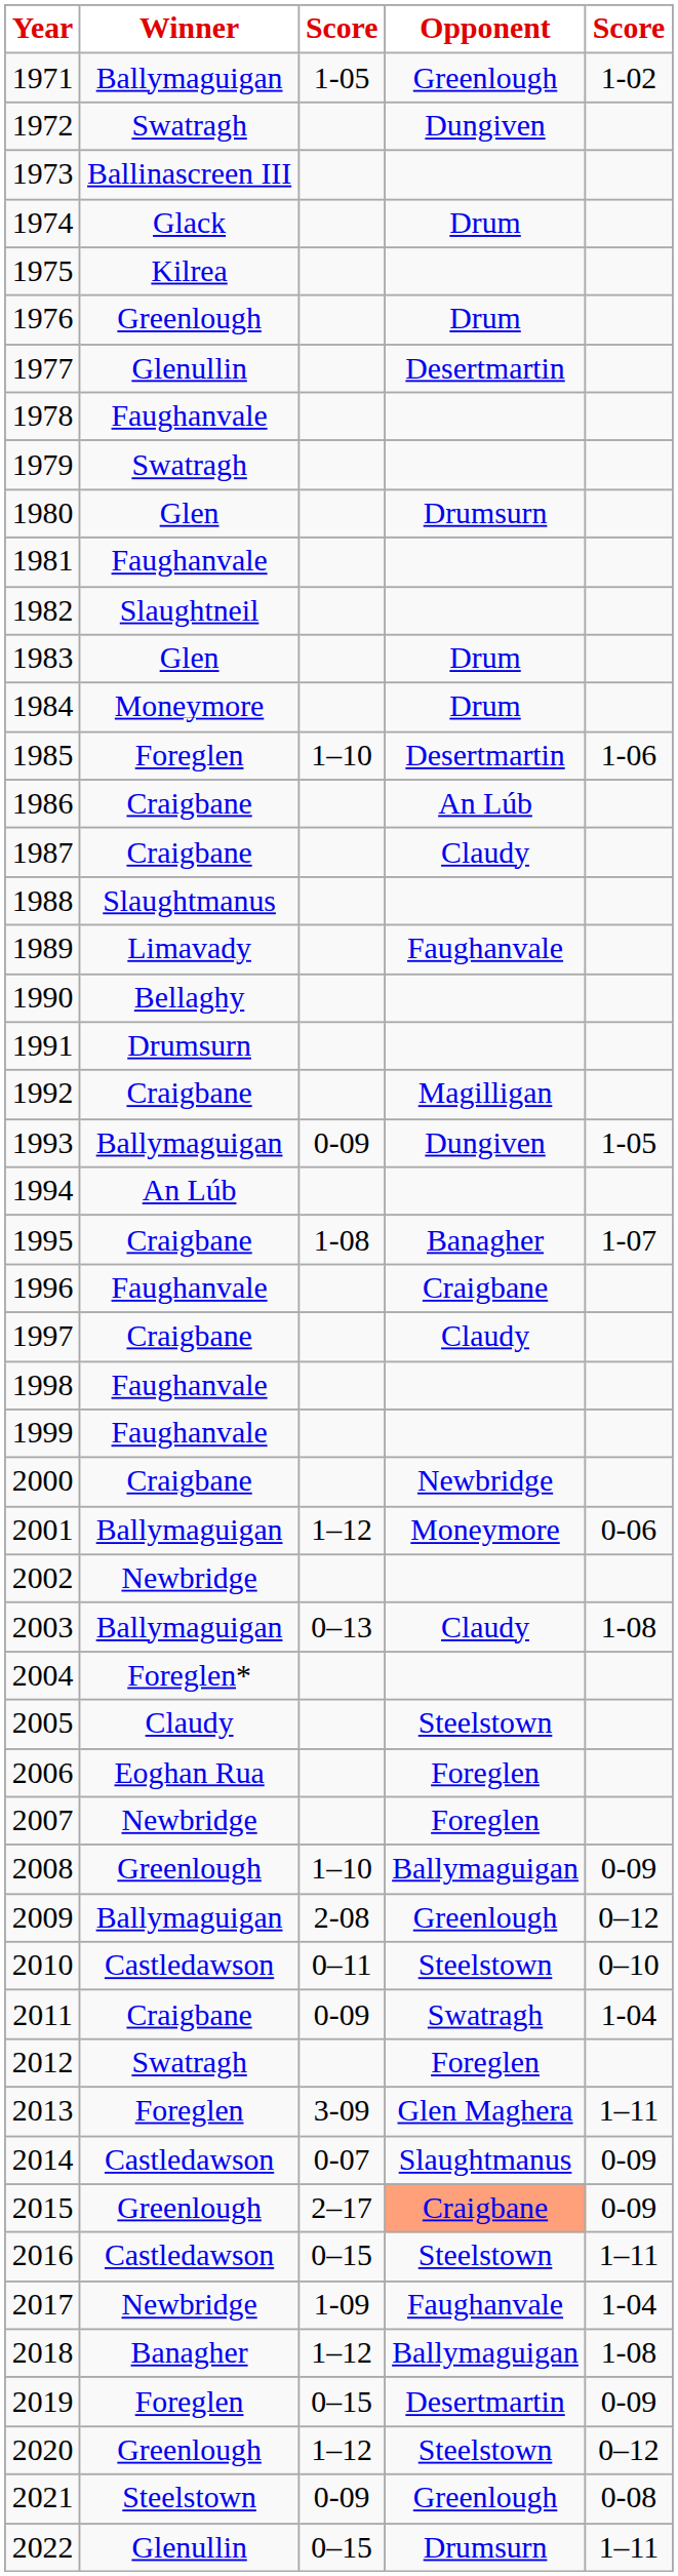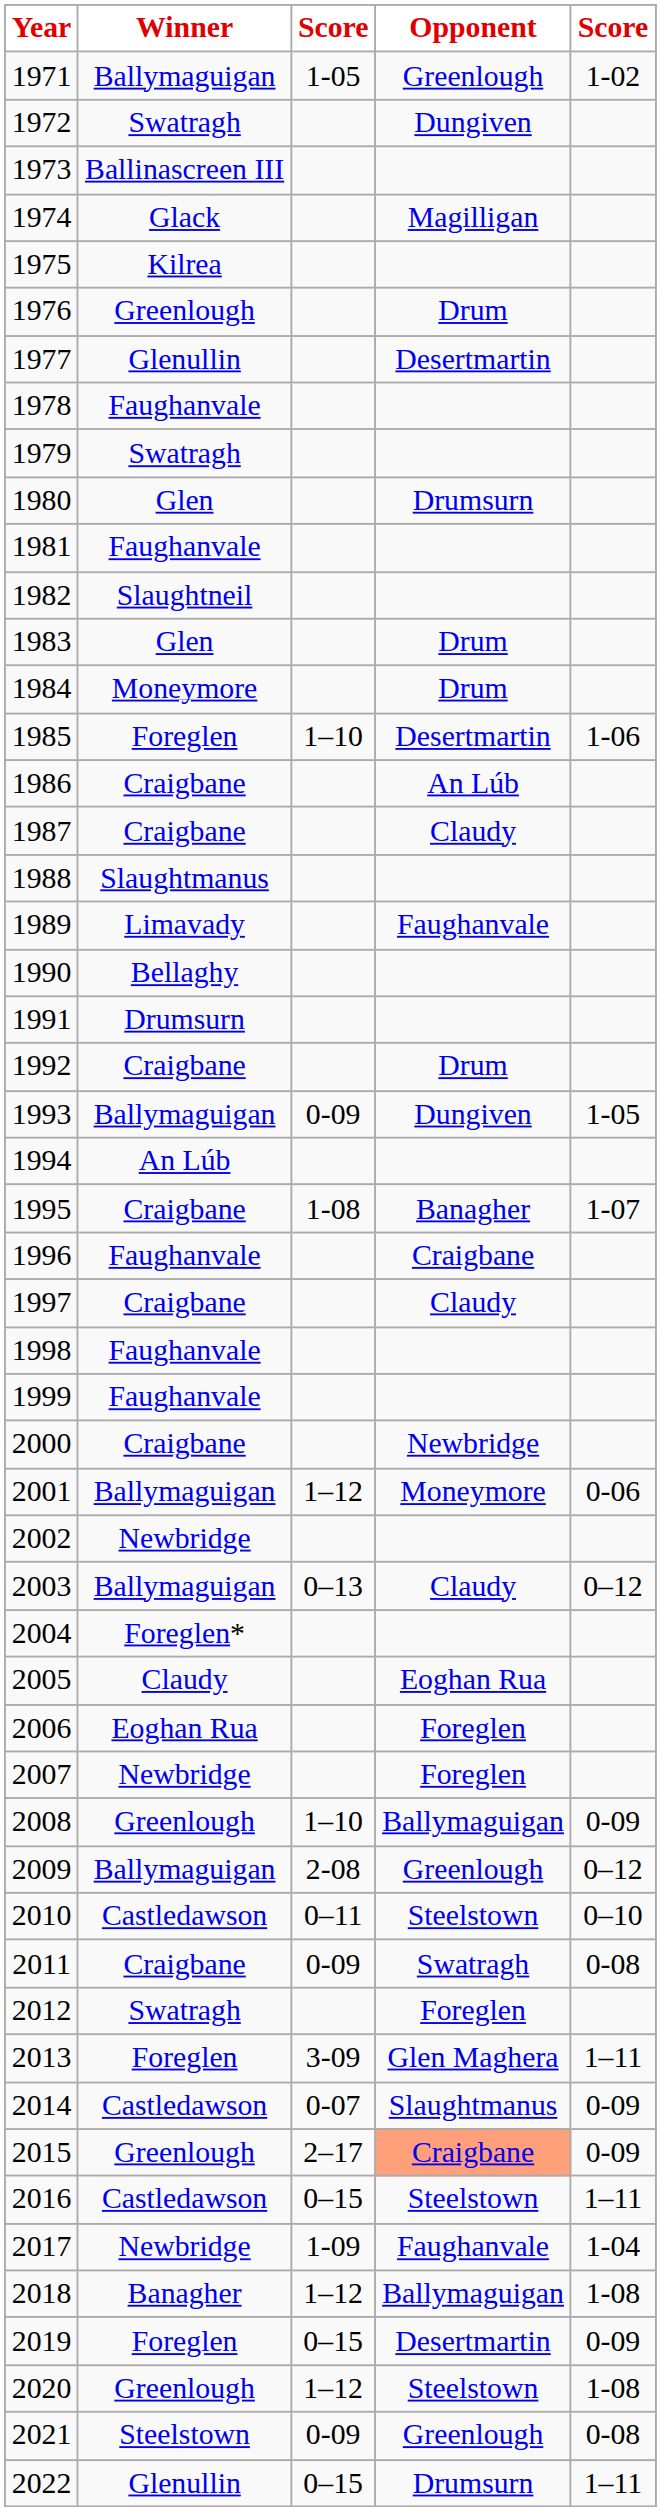 <table class="wikitable" style="text-align:center;">
 <tr>
 <th style="background:white;color:#E00000;">Year</th>
 <th style="background:white;color:#E00000;">Winner</th>
 <th style="background:white;color:#E00000;">Score</th>
 <th style="background:white;color:#E00000;">Opponent</th>
 <th style="background:white;color:#E00000;">Score</th>
 </tr>
 <tr>
 <td>1971</td>
 <td><a href='#'>Ballymaguigan</a></td>
 <td>1-05</td>
 <td><a href='#'>Greenlough</a></td>
 <td>1-02</td>
 </tr>
 <tr>
 <td>1972</td>
 <td><a href='#'>Swatragh</a></td>
 <td></td>
 <td><a href='#'>Dungiven</a></td>
 <td></td>
 </tr>
 <tr>
 <td>1973</td>
 <td><a href='#'>Ballinascreen III</a></td>
 <td></td>
 <td></td>
 <td></td>
 </tr>
 <tr>
 <td>1974</td>
 <td><a href='#'>Glack</a></td>
 <td></td>
-<td><a href='#'>Drum</a></td>
+<td><a href='#'>Magilligan</a></td>
 <td></td>
 </tr>
 <tr>
 <td>1975</td>
 <td><a href='#'>Kilrea</a></td>
 <td></td>
 <td></td>
 <td></td>
 </tr>
 <tr>
 <td>1976</td>
 <td><a href='#'>Greenlough</a></td>
 <td></td>
 <td><a href='#'>Drum</a></td>
 <td></td>
 </tr>
 <tr>
 <td>1977</td>
 <td><a href='#'>Glenullin</a></td>
 <td></td>
 <td><a href='#'>Desertmartin</a></td>
 <td></td>
 </tr>
 <tr>
 <td>1978</td>
 <td><a href='#'>Faughanvale</a></td>
 <td></td>
 <td></td>
 <td></td>
 </tr>
 <tr>
 <td>1979</td>
 <td><a href='#'>Swatragh</a></td>
 <td></td>
 <td></td>
 <td></td>
 </tr>
 <tr>
 <td>1980</td>
 <td><a href='#'>Glen</a></td>
 <td></td>
 <td><a href='#'>Drumsurn</a></td>
 <td></td>
 </tr>
 <tr>
 <td>1981</td>
 <td><a href='#'>Faughanvale</a></td>
 <td></td>
 <td></td>
 <td></td>
 </tr>
 <tr>
 <td>1982</td>
 <td><a href='#'>Slaughtneil</a></td>
 <td></td>
 <td></td>
 <td></td>
 </tr>
 <tr>
 <td>1983</td>
 <td><a href='#'>Glen</a></td>
 <td></td>
 <td><a href='#'>Drum</a></td>
 <td></td>
 </tr>
 <tr>
 <td>1984</td>
 <td><a href='#'>Moneymore</a></td>
 <td></td>
 <td><a href='#'>Drum</a></td>
 <td></td>
 </tr>
 <tr>
 <td>1985</td>
 <td><a href='#'>Foreglen</a></td>
 <td>1–10</td>
 <td><a href='#'>Desertmartin</a></td>
 <td>1-06</td>
 </tr>
 <tr>
 <td>1986</td>
 <td><a href='#'>Craigbane</a></td>
 <td></td>
 <td><a href='#'>An Lúb</a></td>
 <td></td>
 </tr>
 <tr>
 <td>1987</td>
 <td><a href='#'>Craigbane</a></td>
 <td></td>
 <td><a href='#'>Claudy</a></td>
 <td></td>
 </tr>
 <tr>
 <td>1988</td>
 <td><a href='#'>Slaughtmanus</a></td>
 <td></td>
 <td></td>
 <td></td>
 </tr>
 <tr>
 <td>1989</td>
 <td><a href='#'>Limavady</a></td>
 <td></td>
 <td><a href='#'>Faughanvale</a></td>
 <td></td>
 </tr>
 <tr>
 <td>1990</td>
 <td><a href='#'>Bellaghy</a></td>
 <td></td>
 <td></td>
 <td></td>
 </tr>
 <tr>
 <td>1991</td>
 <td><a href='#'>Drumsurn</a></td>
 <td></td>
 <td></td>
 <td></td>
 </tr>
 <tr>
 <td>1992</td>
 <td><a href='#'>Craigbane</a></td>
 <td></td>
-<td><a href='#'>Magilligan</a></td>
+<td><a href='#'>Drum</a></td>
 <td></td>
 </tr>
 <tr>
 <td>1993</td>
 <td><a href='#'>Ballymaguigan</a></td>
 <td>0-09</td>
 <td><a href='#'>Dungiven</a></td>
 <td>1-05</td>
 </tr>
 <tr>
 <td>1994</td>
 <td><a href='#'>An Lúb</a></td>
 <td></td>
 <td></td>
 <td></td>
 </tr>
 <tr>
 <td>1995</td>
 <td><a href='#'>Craigbane</a></td>
 <td>1-08</td>
 <td><a href='#'>Banagher</a></td>
 <td>1-07</td>
 </tr>
 <tr>
 <td>1996</td>
 <td><a href='#'>Faughanvale</a></td>
 <td></td>
 <td><a href='#'>Craigbane</a></td>
 <td></td>
 </tr>
 <tr>
 <td>1997</td>
 <td><a href='#'>Craigbane</a></td>
 <td></td>
 <td><a href='#'>Claudy</a></td>
 <td></td>
 </tr>
 <tr>
 <td>1998</td>
 <td><a href='#'>Faughanvale</a></td>
 <td></td>
 <td></td>
 <td></td>
 </tr>
 <tr>
 <td>1999</td>
 <td><a href='#'>Faughanvale</a></td>
 <td></td>
 <td></td>
 <td></td>
 </tr>
 <tr>
 <td>2000</td>
 <td><a href='#'>Craigbane</a></td>
 <td></td>
 <td><a href='#'>Newbridge</a></td>
 <td></td>
 </tr>
 <tr>
 <td>2001</td>
 <td><a href='#'>Ballymaguigan</a></td>
 <td>1–12</td>
 <td><a href='#'>Moneymore</a></td>
 <td>0-06</td>
 </tr>
 <tr>
 <td>2002</td>
 <td><a href='#'>Newbridge</a></td>
 <td></td>
 <td></td>
 <td></td>
 </tr>
 <tr>
 <td>2003</td>
 <td><a href='#'>Ballymaguigan</a></td>
 <td>0–13</td>
 <td><a href='#'>Claudy</a></td>
-<td>1-08</td>
+<td>0–12</td>
 </tr>
 <tr>
 <td>2004</td>
 <td><a href='#'>Foreglen</a>*</td>
 <td></td>
 <td></td>
 <td></td>
 </tr>
 <tr>
 <td>2005</td>
 <td><a href='#'>Claudy</a></td>
 <td></td>
-<td><a href='#'>Steelstown</a></td>
+<td><a href='#'>Eoghan Rua</a></td>
 <td></td>
 </tr>
 <tr>
 <td>2006</td>
 <td><a href='#'>Eoghan Rua</a></td>
 <td></td>
 <td><a href='#'>Foreglen</a></td>
 <td></td>
 </tr>
 <tr>
 <td>2007</td>
 <td><a href='#'>Newbridge</a></td>
 <td></td>
 <td><a href='#'>Foreglen</a></td>
 <td></td>
 </tr>
 <tr>
 <td>2008</td>
 <td><a href='#'>Greenlough</a></td>
 <td>1–10</td>
 <td><a href='#'>Ballymaguigan</a></td>
 <td>0-09</td>
 </tr>
 <tr>
 <td>2009</td>
 <td><a href='#'>Ballymaguigan</a></td>
 <td>2-08</td>
 <td><a href='#'>Greenlough</a></td>
 <td>0–12</td>
 </tr>
 <tr>
 <td>2010</td>
 <td><a href='#'>Castledawson</a></td>
 <td>0–11</td>
 <td><a href='#'>Steelstown</a></td>
 <td>0–10</td>
 </tr>
 <tr>
 <td>2011</td>
 <td><a href='#'>Craigbane</a></td>
 <td>0-09</td>
 <td><a href='#'>Swatragh</a></td>
-<td>1-04</td>
+<td>0-08</td>
 </tr>
 <tr>
 <td>2012</td>
 <td><a href='#'>Swatragh</a></td>
 <td></td>
 <td><a href='#'>Foreglen</a></td>
 <td></td>
 </tr>
 <tr>
 <td>2013</td>
 <td><a href='#'>Foreglen</a></td>
 <td>3-09</td>
 <td><a href='#'>Glen Maghera</a></td>
 <td>1–11</td>
 </tr>
 <tr>
 <td>2014</td>
 <td><a href='#'>Castledawson</a></td>
 <td>0-07</td>
 <td><a href='#'>Slaughtmanus</a></td>
 <td>0-09</td>
 </tr>
 <tr>
 <td>2015</td>
 <td><a href='#'>Greenlough</a></td>
 <td>2–17</td>
 <td style="background: lightsalmon;"><a href='#'>Craigbane</a></td>
 <td>0-09</td>
 </tr>
 <tr>
 <td>2016</td>
 <td><a href='#'>Castledawson</a></td>
 <td>0–15</td>
 <td><a href='#'>Steelstown</a></td>
 <td>1–11</td>
 </tr>
 <tr>
 <td>2017</td>
 <td><a href='#'>Newbridge</a></td>
 <td>1-09</td>
 <td><a href='#'>Faughanvale</a></td>
 <td>1-04</td>
 </tr>
 <tr>
 <td>2018</td>
 <td><a href='#'>Banagher</a></td>
 <td>1–12</td>
 <td><a href='#'>Ballymaguigan</a></td>
 <td>1-08</td>
 </tr>
 <tr>
 <td>2019</td>
 <td><a href='#'>Foreglen</a></td>
 <td>0–15</td>
 <td><a href='#'>Desertmartin</a></td>
 <td>0-09</td>
 </tr>
 <tr>
 <td>2020</td>
 <td><a href='#'>Greenlough</a></td>
 <td>1–12</td>
 <td><a href='#'>Steelstown</a></td>
-<td>0–12</td>
+<td>1-08</td>
 </tr>
 <tr>
 <td>2021</td>
 <td><a href='#'>Steelstown</a></td>
 <td>0-09</td>
 <td><a href='#'>Greenlough</a></td>
 <td>0-08</td>
 </tr>
 <tr>
 <td>2022</td>
 <td><a href='#'>Glenullin</a></td>
 <td>0–15</td>
 <td><a href='#'>Drumsurn</a></td>
 <td>1–11</td>
 </tr>
 <tr>
 </tr>
 </table>
